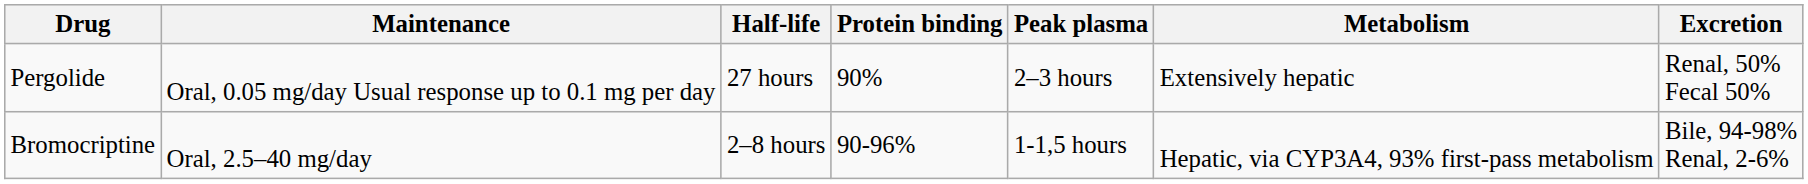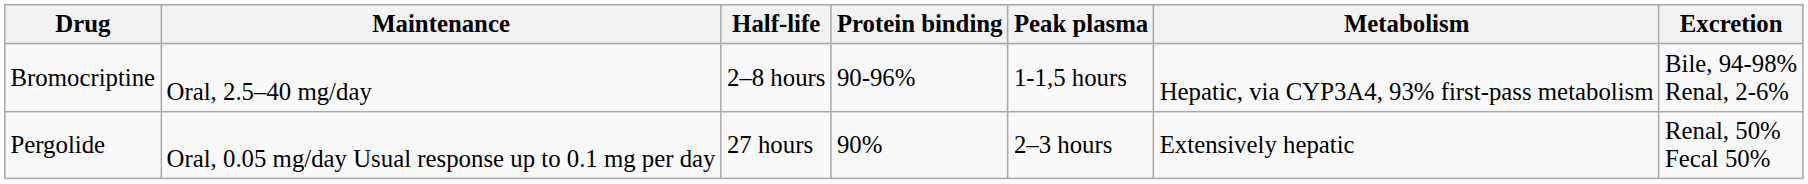 <table class="wikitable">
 <tr>
 <th>Drug</th>
 <th>Maintenance</th>
 <th>Half-life</th>
 <th>Protein binding</th>
 <th>Peak plasma</th>
 <th>Metabolism</th>
 <th>Excretion</th>
 </tr>
 <tr>
+<td>Bromocriptine</td>
+<td><br>Oral, 2.5–40 mg/day <br></td>
+<td>2–8 hours</td>
+<td>90-96%</td>
+<td>1-1,5 hours</td>
+<td><br>Hepatic, via CYP3A4, 93% first-pass metabolism <br></td>
+<td>Bile, 94-98%<br>Renal, 2-6%</td>
+</tr>
+<tr>
 <td>Pergolide</td>
 <td><br>Oral, 0.05 mg/day Usual response up to 0.1 mg per day <br></td>
 <td>27 hours</td>
 <td>90%</td>
 <td>2–3 hours</td>
 <td>Extensively hepatic</td>
 <td>Renal, 50%<br>Fecal 50%</td>
 </tr>
-<tr>
-<td>Bromocriptine</td>
-<td><br>Oral, 2.5–40 mg/day <br></td>
-<td>2–8 hours</td>
-<td>90-96%</td>
-<td>1-1,5 hours</td>
-<td><br>Hepatic, via CYP3A4, 93% first-pass metabolism <br></td>
-<td>Bile, 94-98%<br>Renal, 2-6%</td>
-</tr>
 </table>
